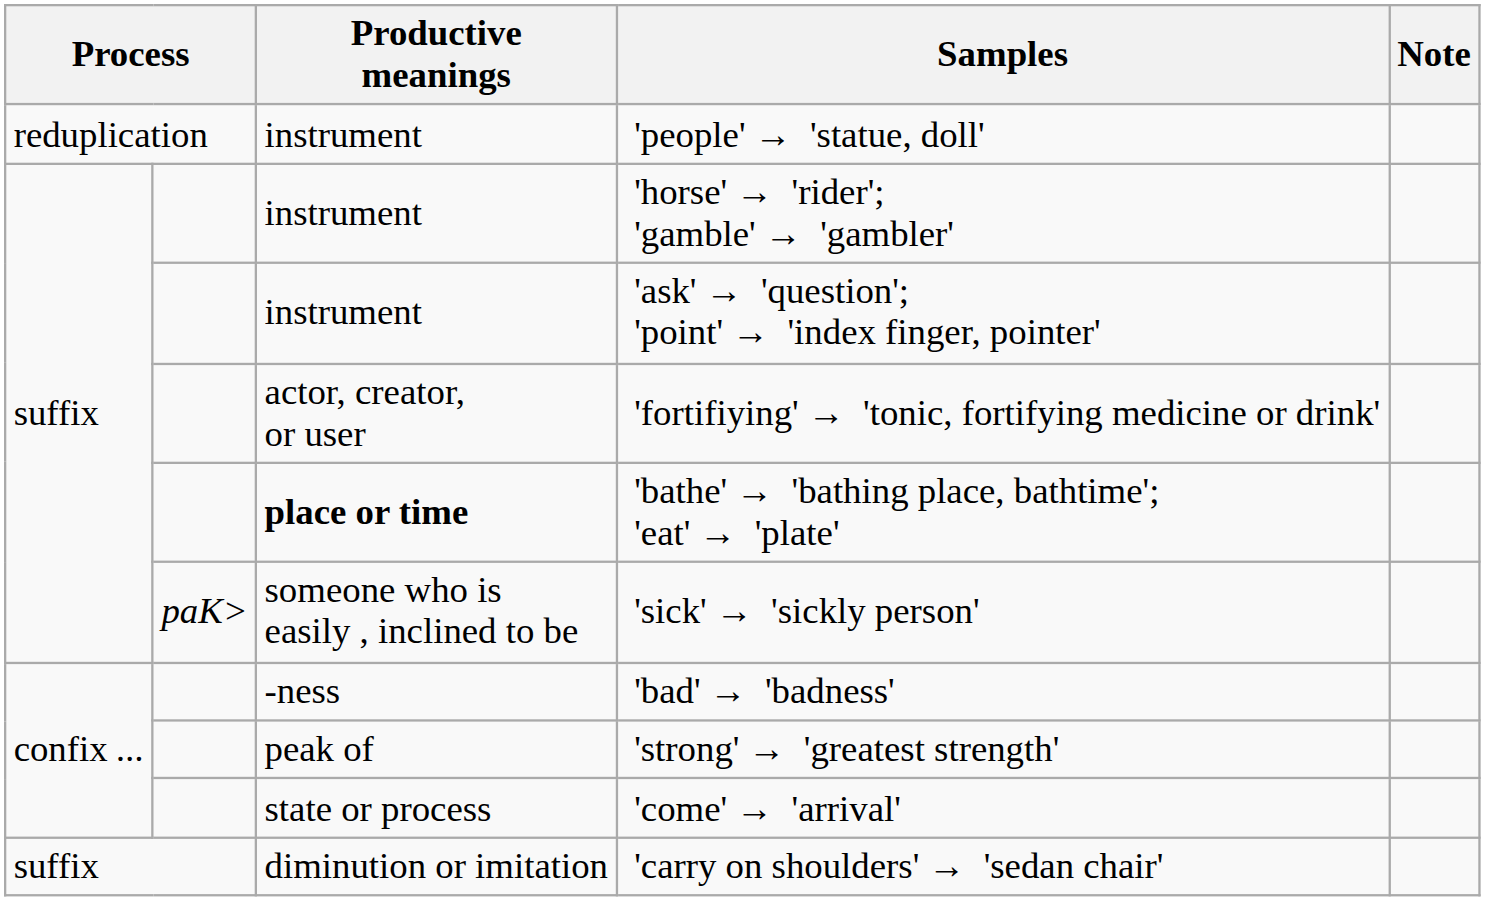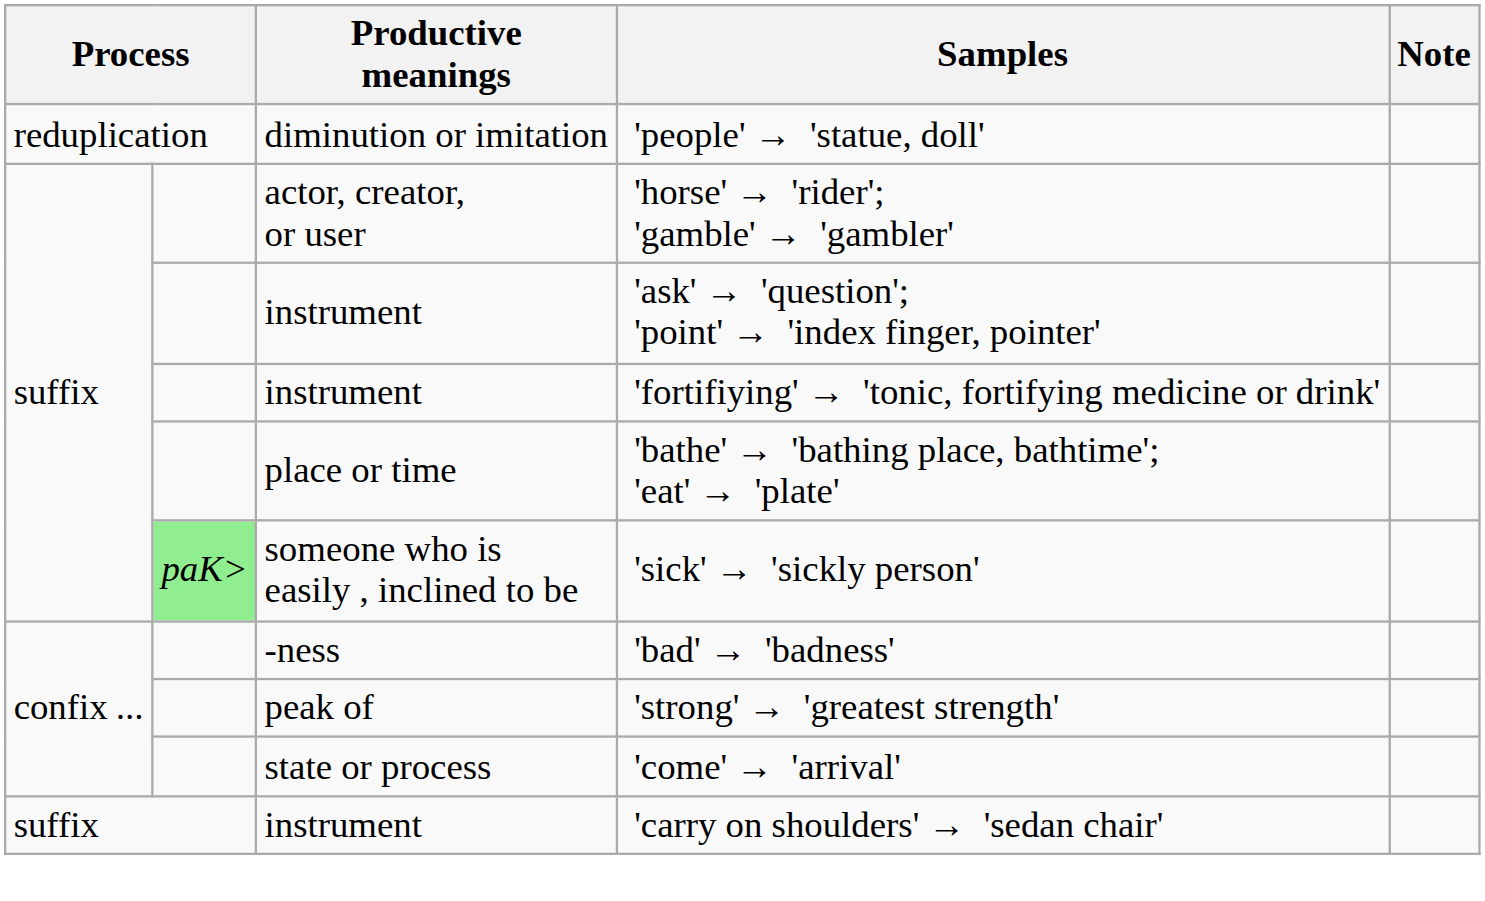 <table class="wikitable" style="text-align: left">
 <tr>
 <th colspan=2>Process</th>
 <th>Productive<br>meanings</th>
 <th>Samples</th>
 <th>Note</th>
 </tr>
 <tr>
 <td colspan=2>reduplication</td>
-<td>instrument</td>
+<td>diminution or imitation</td>
 <td> 'people' → <em></em> 'statue, doll'</td>
 <td style="text-align: center"></td>
 </tr>
 <tr>
 <td rowspan=5>suffix </td>
 <td></td>
-<td>instrument</td>
+<td>actor, creator,<br>or user</td>
 <td><em></em> 'horse' → <em></em> 'rider';<br><em></em> 'gamble' → <em></em> 'gambler'</td>
 <td style="text-align: center"></td>
 </tr>
 <tr>
 <td></td>
 <td>instrument</td>
 <td><em></em> 'ask' → <em></em> 'question';<br><em></em> 'point' → <em></em> 'index finger, pointer'</td>
 <td style="text-align: center"></td>
 </tr>
 <tr>
 <td></td>
-<td>actor, creator,<br>or user</td>
+<td>instrument</td>
 <td><em></em> 'fortifiying' → <em></em> 'tonic, fortifying medicine or drink'</td>
 <td style="text-align: center"></td>
 </tr>
 <tr>
 <td></td>
-<td><strong>place or time</strong></td>
+<td>place or time</td>
 <td><em></em> 'bathe' → <em></em> 'bathing place, bathtime';<br><em></em> 'eat' → <em></em> 'plate'</td>
 <td style="text-align: center"></td>
 </tr>
 <tr>
-<td><em>paK></em><em></em></td>
+<td style="background: lightgreen;"><em>paK></em><em></em></td>
 <td>someone who is<br>easily , inclined  to be </td>
 <td><em></em> 'sick' → <em></em> 'sickly person'</td>
 <td style="text-align: center"></td>
 </tr>
 <tr>
 <td rowspan = 3>confix <em>...</em></td>
 <td><em></em><em></em></td>
 <td>-ness</td>
 <td><em></em> 'bad' → <em></em> 'badness'</td>
 <td style="text-align: center"></td>
 </tr>
 <tr>
 <td><em></em><em></em></td>
 <td>peak of </td>
 <td><em></em> 'strong' → <em></em> 'greatest strength'</td>
 <td style="text-align: center"></td>
 </tr>
 <tr>
 <td><em></em></td>
 <td>state or process</td>
 <td><em></em> 'come' → <em></em> 'arrival'</td>
 <td style="text-align: center"></td>
 </tr>
 <tr>
 <td colspan=2>suffix </td>
-<td>diminution or imitation</td>
+<td>instrument</td>
 <td><em></em> 'carry on shoulders' → <em></em> 'sedan chair'</td>
 <td style="text-align: center"></td>
 </tr>
 </table>
